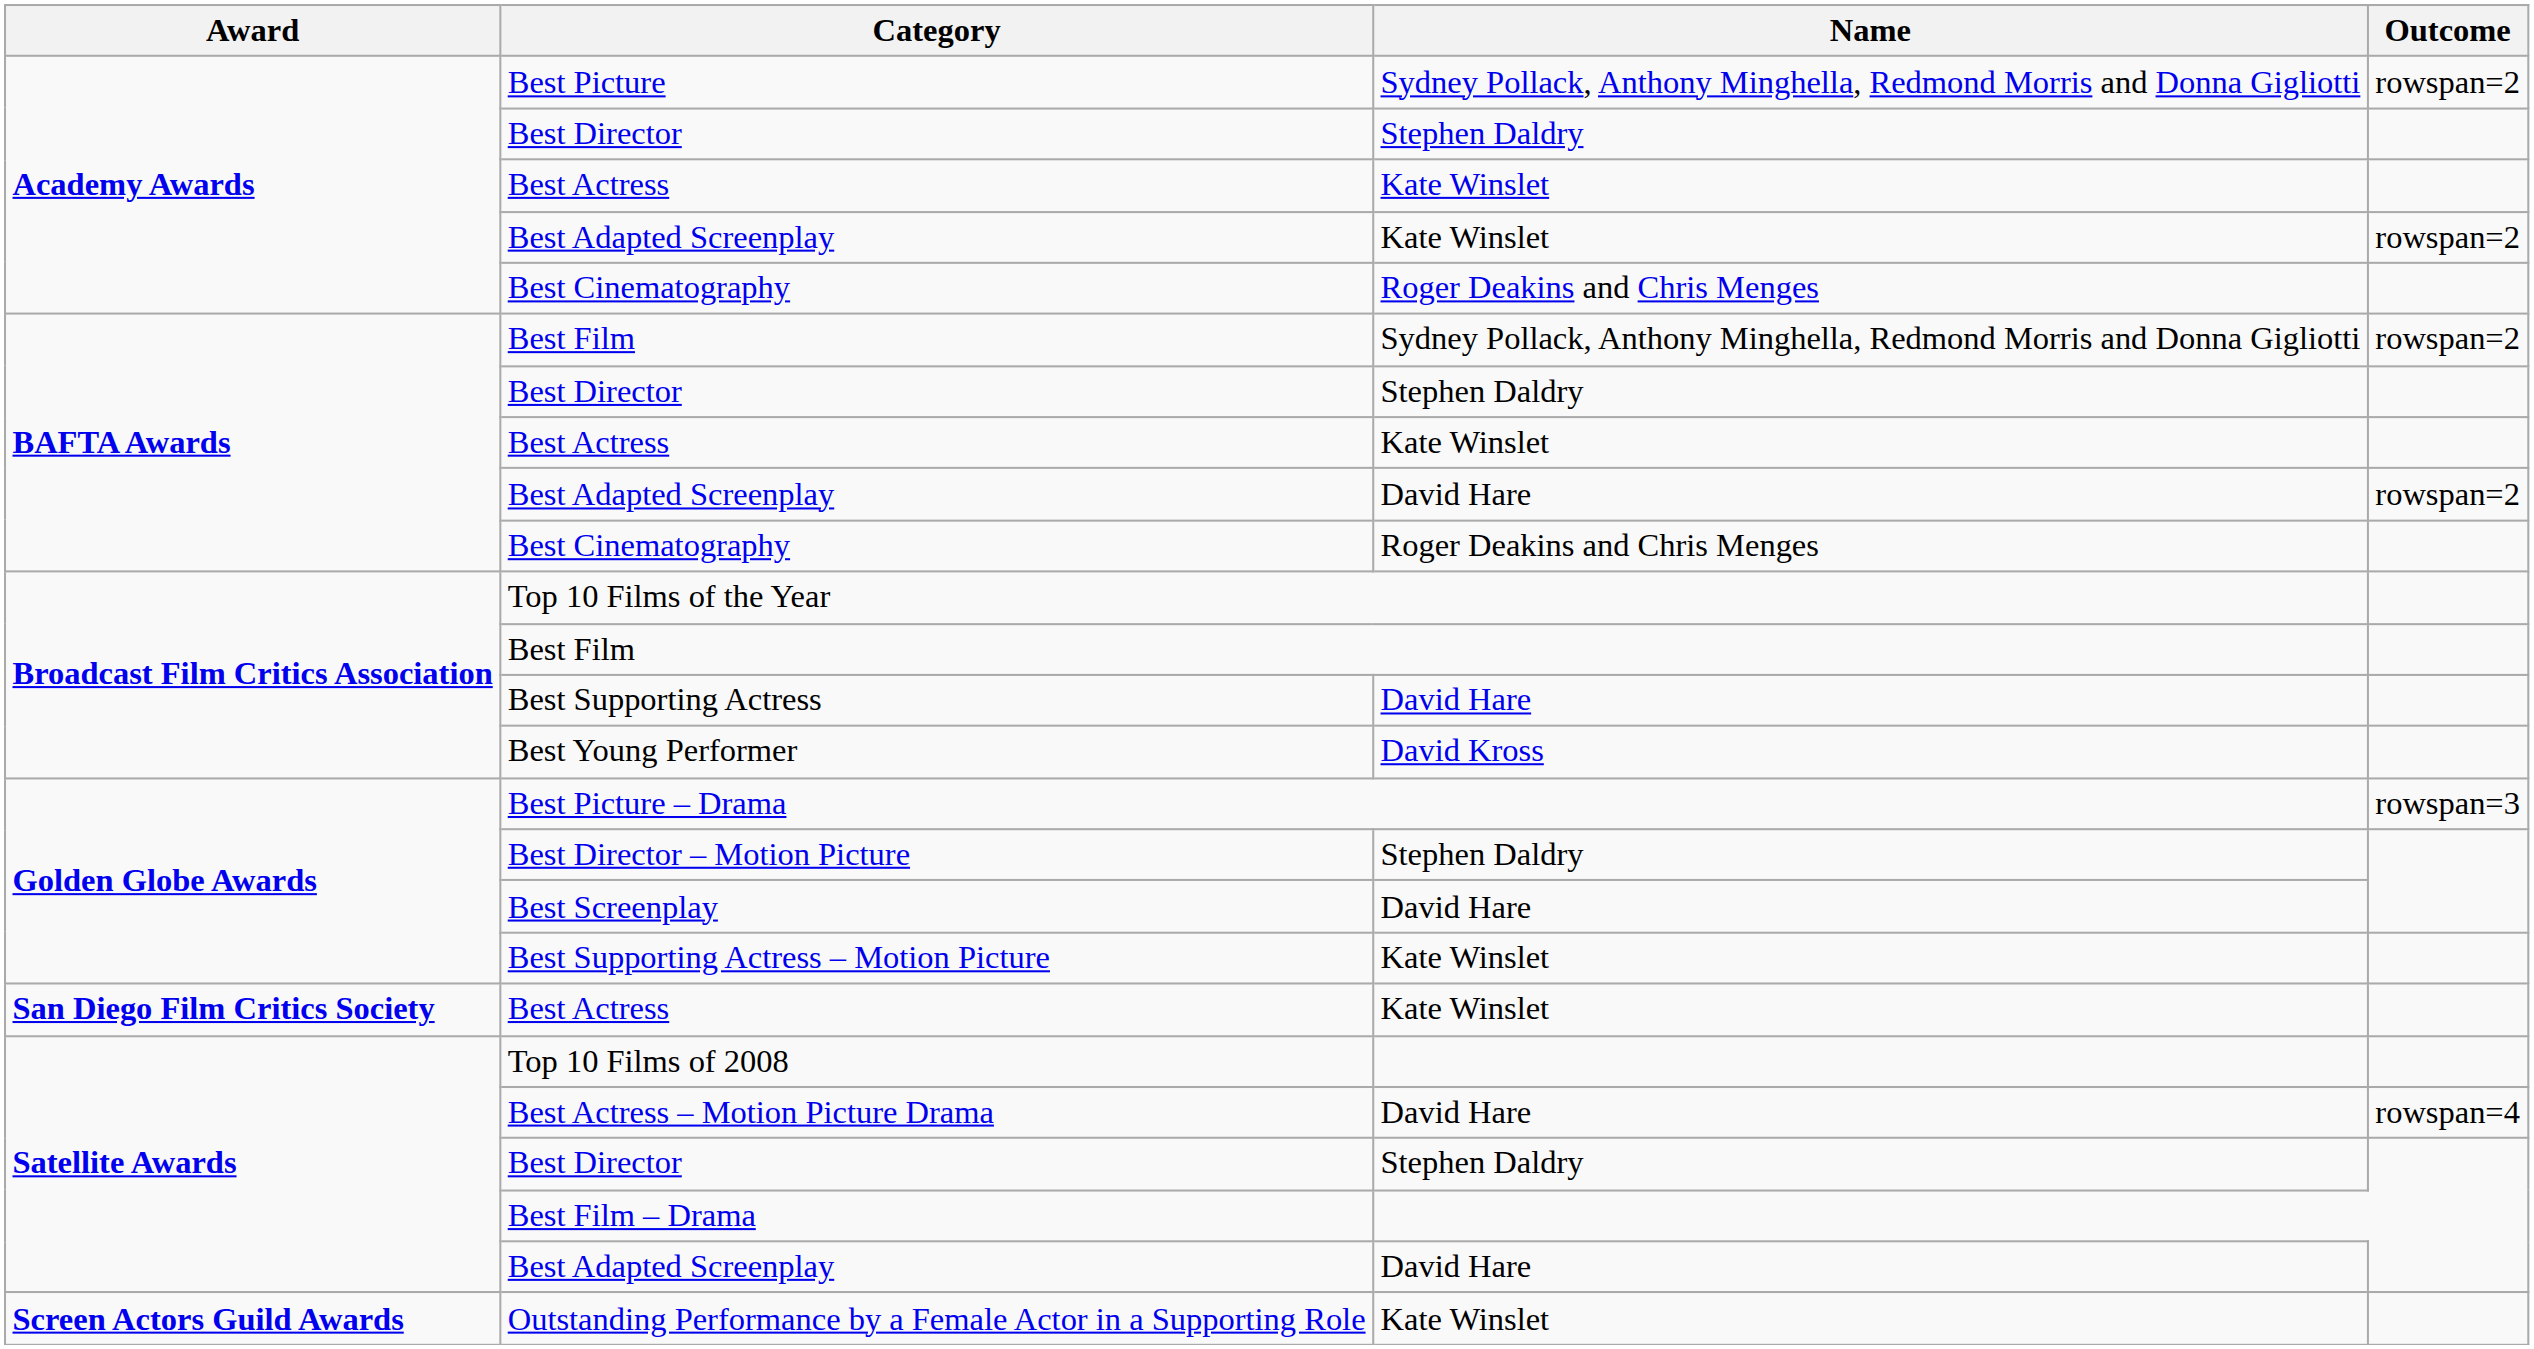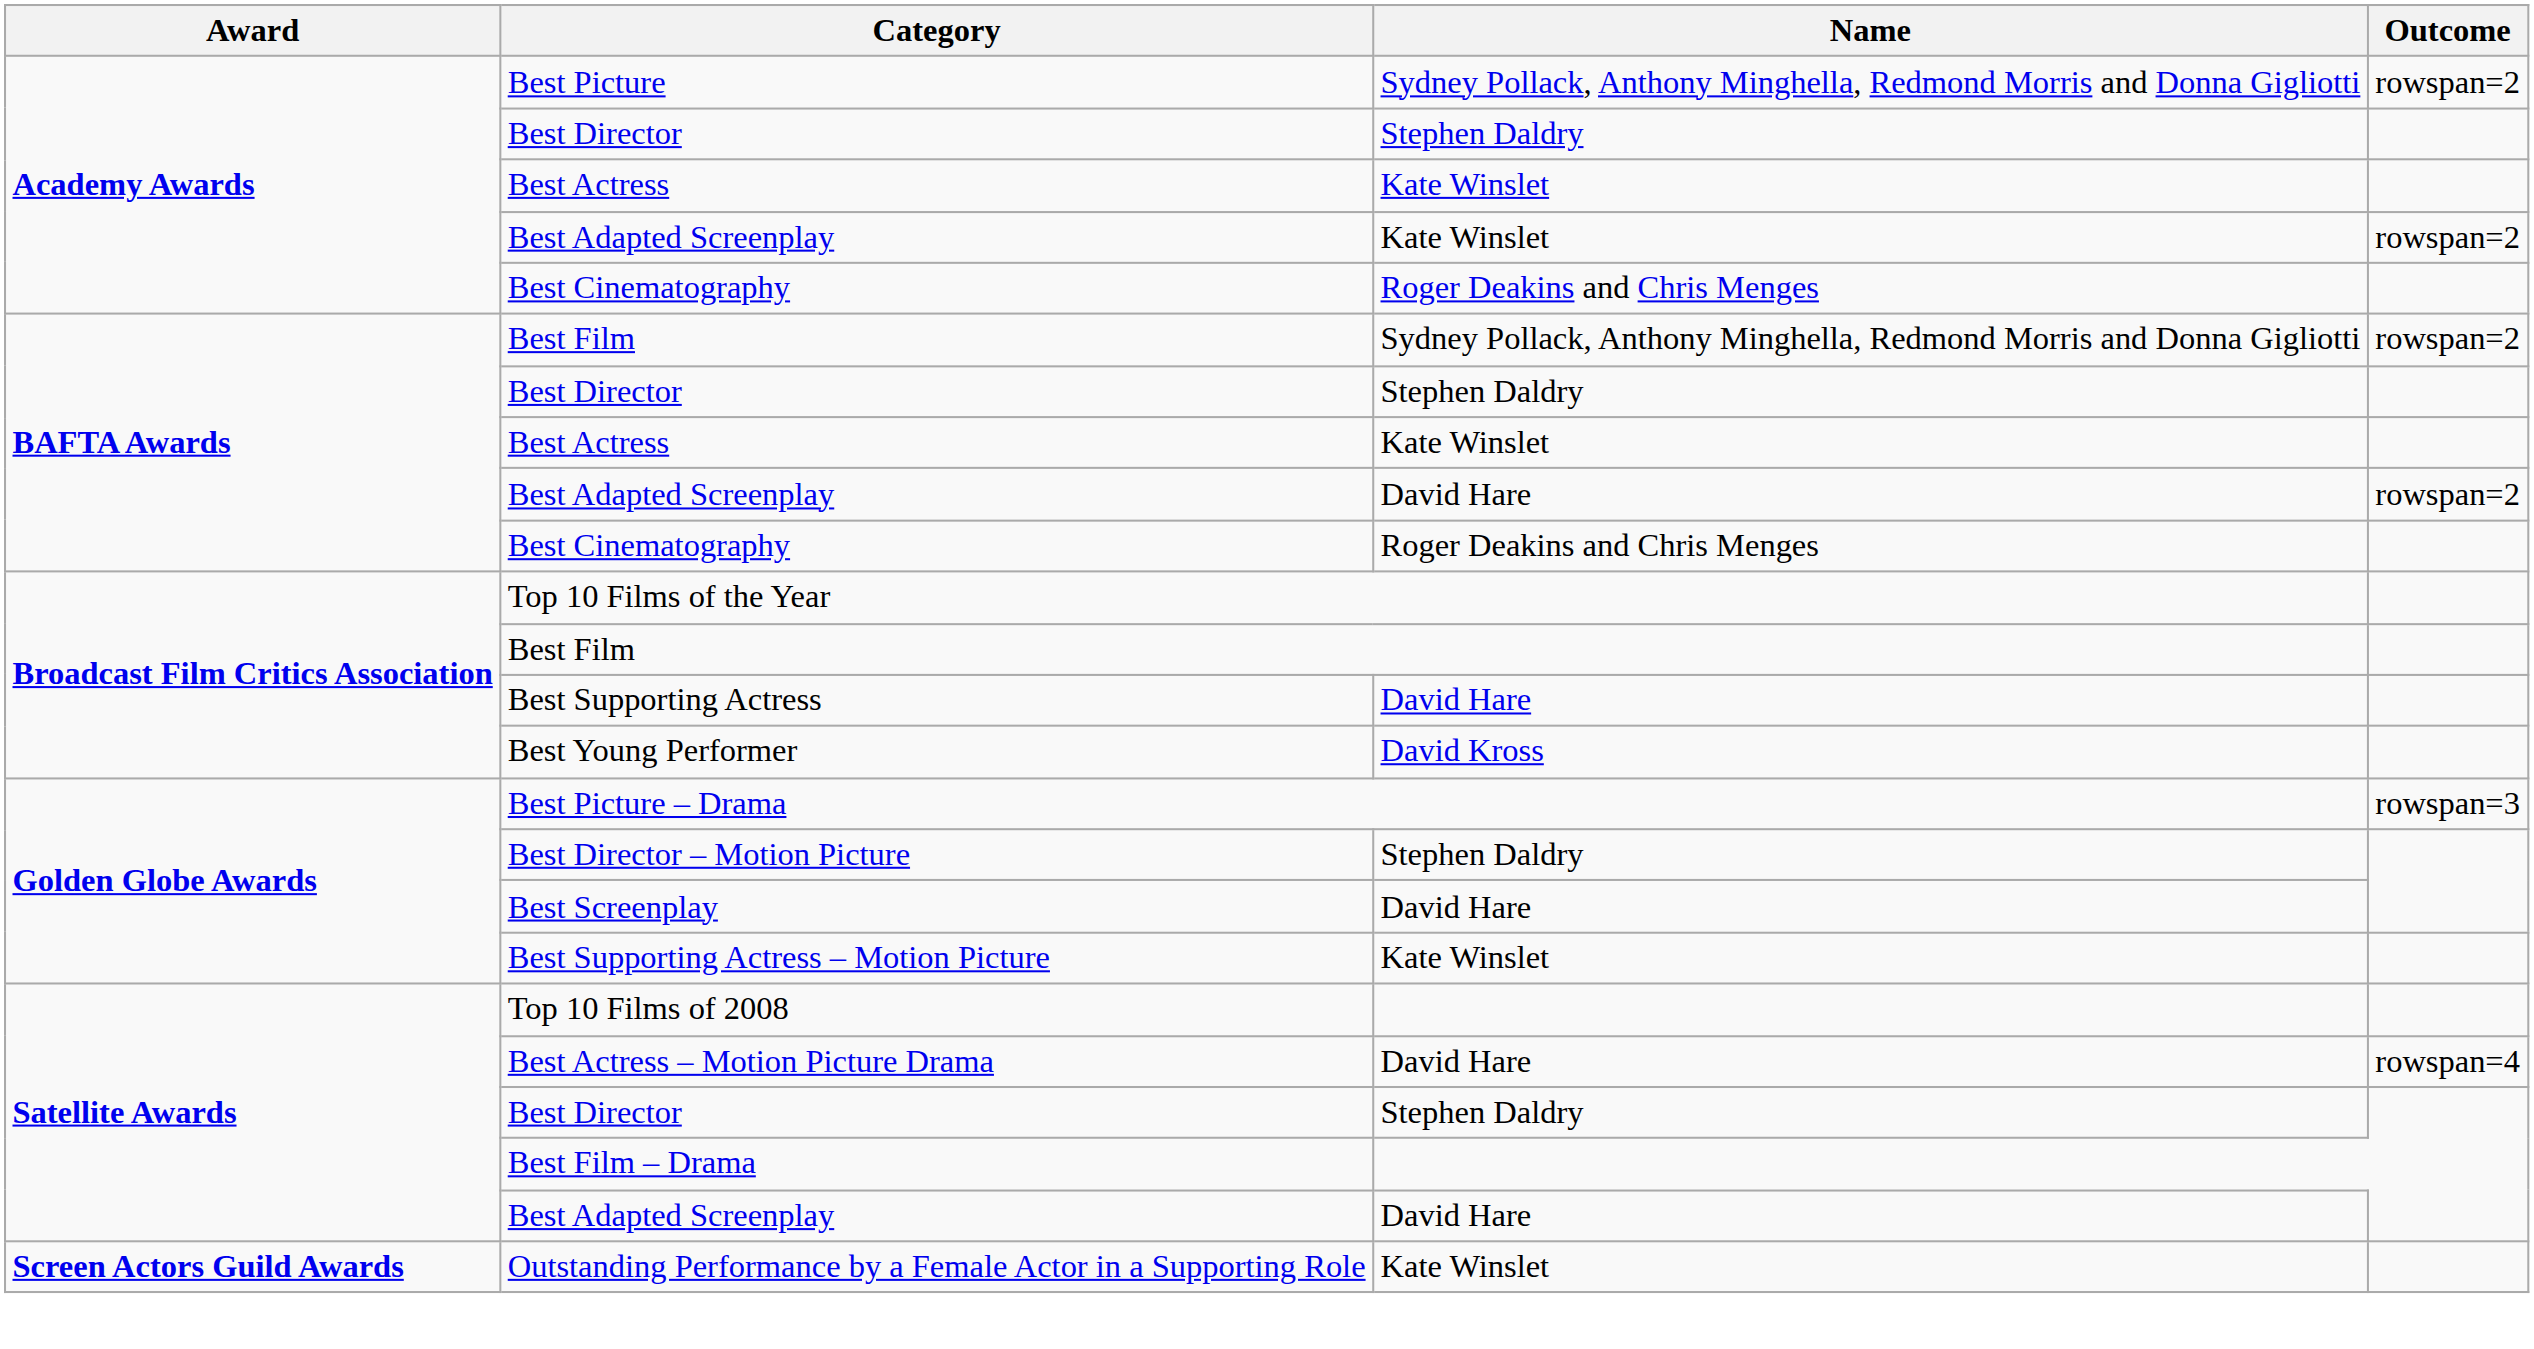 <table class="wikitable">
 <tr>
 <th>Award</th>
 <th>Category</th>
 <th>Name</th>
 <th>Outcome</th>
 </tr>
 <tr>
 <td rowspan=5><strong><a href='#'>Academy Awards</a></strong></td>
 <td><a href='#'>Best Picture</a></td>
 <td><a href='#'>Sydney Pollack</a>, <a href='#'>Anthony Minghella</a>, <a href='#'>Redmond Morris</a> and <a href='#'>Donna Gigliotti</a></td>
 <td>rowspan=2 </td>
 </tr>
 <tr>
 <td><a href='#'>Best Director</a></td>
 <td><a href='#'>Stephen Daldry</a></td>
 </tr>
 <tr>
 <td><a href='#'>Best Actress</a></td>
 <td><a href='#'>Kate Winslet</a></td>
 <td></td>
 </tr>
 <tr>
 <td><a href='#'>Best Adapted Screenplay</a></td>
 <td>Kate Winslet</td>
 <td>rowspan=2 </td>
 </tr>
 <tr>
 <td><a href='#'>Best Cinematography</a></td>
 <td><a href='#'>Roger Deakins</a> and <a href='#'>Chris Menges</a></td>
 </tr>
 <tr>
 <td rowspan=5><strong><a href='#'>BAFTA Awards</a></strong></td>
 <td><a href='#'>Best Film</a></td>
 <td>Sydney Pollack, Anthony Minghella, Redmond Morris and Donna Gigliotti</td>
 <td>rowspan=2 </td>
 </tr>
 <tr>
 <td><a href='#'>Best Director</a></td>
 <td>Stephen Daldry</td>
 </tr>
 <tr>
 <td><a href='#'>Best Actress</a></td>
 <td>Kate Winslet</td>
 <td></td>
 </tr>
 <tr>
 <td><a href='#'>Best Adapted Screenplay</a></td>
 <td>David Hare</td>
 <td>rowspan=2 </td>
 </tr>
 <tr>
 <td><a href='#'>Best Cinematography</a></td>
 <td>Roger Deakins and Chris Menges</td>
 </tr>
 <tr>
 <td rowspan=4><strong><a href='#'>Broadcast Film Critics Association</a></strong></td>
 <td colspan="2">Top 10 Films of the Year</td>
 <td></td>
 </tr>
 <tr>
 <td colspan="2">Best Film</td>
 <td></td>
 </tr>
 <tr>
 <td>Best Supporting Actress</td>
 <td><a href='#'>David Hare</a></td>
 <td></td>
 </tr>
 <tr>
 <td>Best Young Performer</td>
 <td><a href='#'>David Kross</a></td>
 <td></td>
 </tr>
 <tr>
 <td rowspan=4><strong><a href='#'>Golden Globe Awards</a></strong></td>
 <td colspan="2"><a href='#'>Best Picture – Drama</a></td>
 <td>rowspan=3 </td>
 </tr>
 <tr>
 <td><a href='#'>Best Director – Motion Picture</a></td>
 <td>Stephen Daldry</td>
 </tr>
 <tr>
 <td><a href='#'>Best Screenplay</a></td>
 <td>David Hare</td>
 </tr>
 <tr>
 <td><a href='#'>Best Supporting Actress – Motion Picture</a></td>
 <td>Kate Winslet</td>
 <td></td>
 </tr>
 <tr>
-<td><strong><a href='#'>San Diego Film Critics Society</a></strong></td>
-<td><a href='#'>Best Actress</a></td>
-<td>Kate Winslet</td>
-<td></td>
-</tr>
-<tr>
 <td rowspan=5><strong><a href='#'>Satellite Awards</a></strong></td>
 <td>Top 10 Films of 2008</td>
 <td></td>
 <td></td>
 </tr>
 <tr>
 <td><a href='#'>Best Actress – Motion Picture Drama</a></td>
 <td>David Hare</td>
 <td>rowspan=4 </td>
 </tr>
 <tr>
 <td><a href='#'>Best Director</a></td>
 <td>Stephen Daldry</td>
 </tr>
 <tr>
 <td><a href='#'>Best Film – Drama</a></td>
 </tr>
 <tr>
 <td><a href='#'>Best Adapted Screenplay</a></td>
 <td>David Hare</td>
 </tr>
 <tr>
 <td><strong><a href='#'>Screen Actors Guild Awards</a></strong></td>
 <td><a href='#'>Outstanding Performance by a Female Actor in a Supporting Role</a></td>
 <td>Kate Winslet</td>
 <td></td>
 </tr>
 </table>
